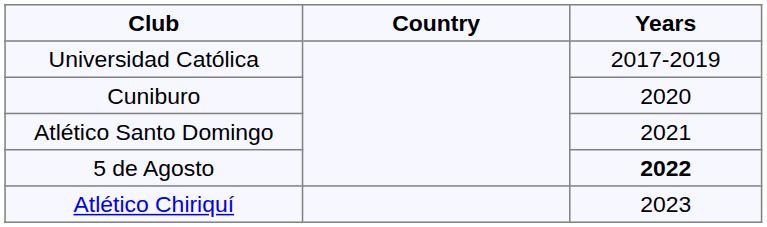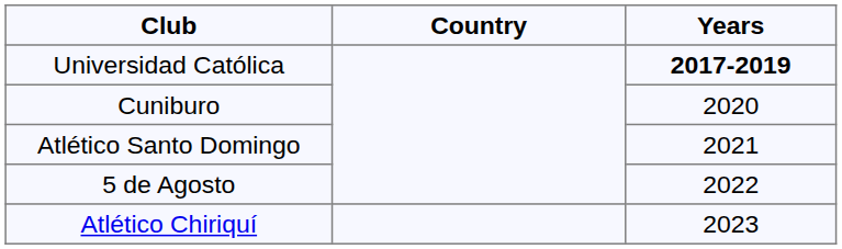 <table align="center" bgcolor="#f7f8ff" border="1" cellpadding="3" cellspacing="0" style="font-size: 95%; border: gray solid 1px; border-collapse: collapse; ">
 <tr>
 <th width="190">Club</th>
 <th width="170">Country</th>
 <th width="120">Years</th>
 </tr>
 <tr align="center">
 <td>Universidad Católica</td>
 <td rowspan="4"></td>
-<td>2017-2019</td>
+<td><strong>2017-2019</strong></td>
 </tr>
 <tr align="center">
 <td>Cuniburo</td>
 <td>2020</td>
 </tr>
 <tr align="center">
 <td>Atlético Santo Domingo</td>
 <td>2021</td>
 </tr>
 <tr align="center">
 <td>5 de Agosto</td>
-<td><strong>2022</strong></td>
+<td>2022</td>
 </tr>
 <tr align="center">
 <td><a href='#'>Atlético Chiriquí</a></td>
 <td></td>
 <td>2023</td>
 </tr>
 </table>
